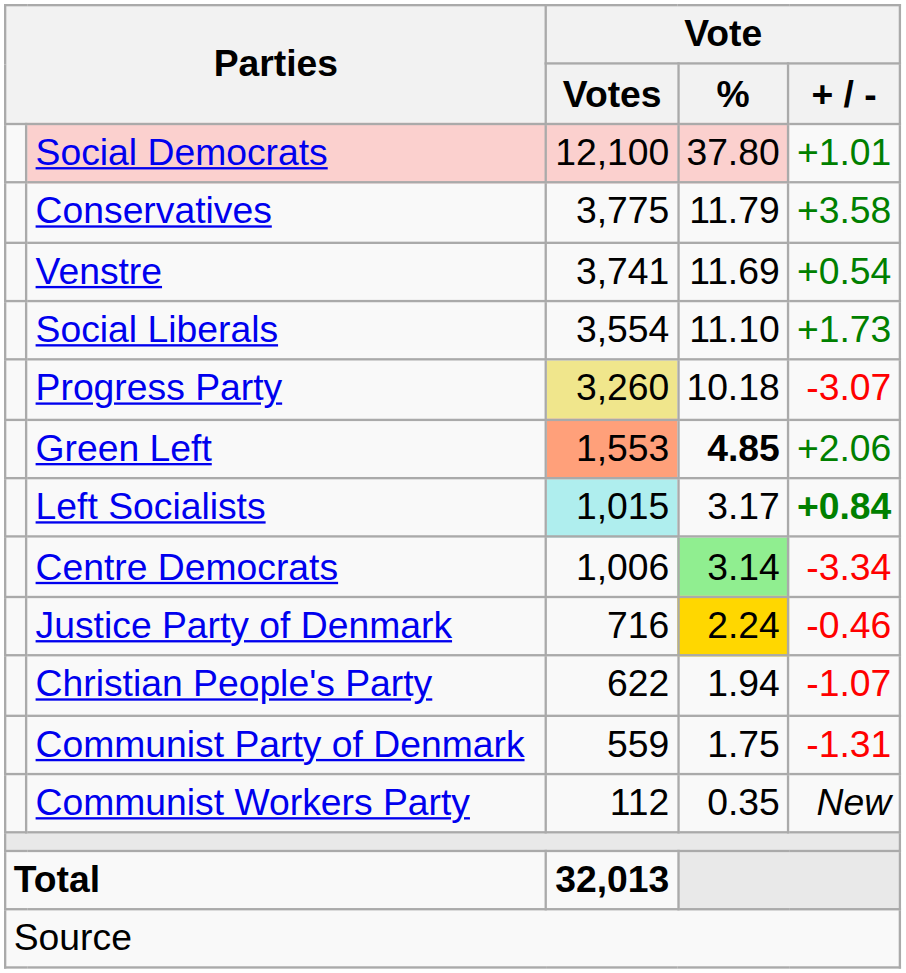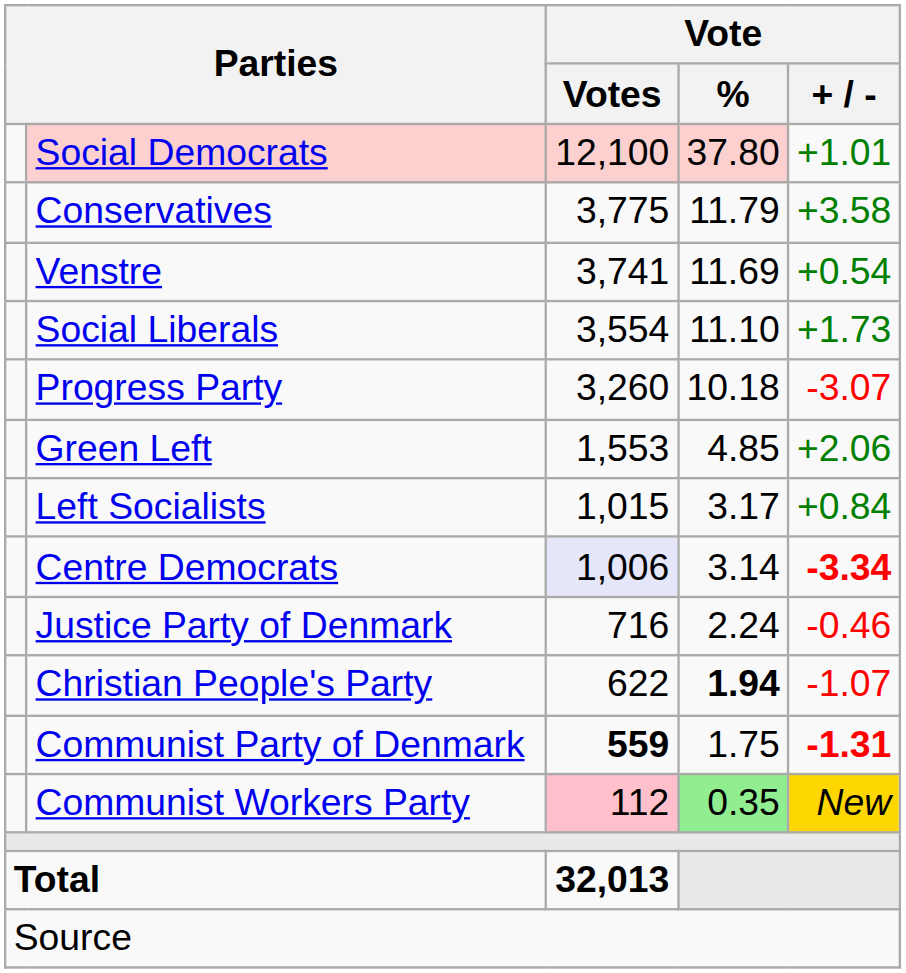 <table class="wikitable" style="text-align:right;">
 <tr>
 <th style="text-align:centre;" rowspan="2" colspan="2" width="225">Parties</th>
 <th colspan="3">Vote</th>
 </tr>
 <tr>
 <th width="15">Votes</th>
 <th width="15">%</th>
 <th width="15">+ / -</th>
 </tr>
 <tr>
 <td width="2" style="color:inherit;background:"></td>
 <td bgcolor=#fbd0ce  align="left"><a href='#'>Social Democrats</a></td>
 <td bgcolor=#fbd0ce>12,100</td>
 <td bgcolor=#fbd0ce>37.80</td>
 <td style=color:green;>+1.01</td>
 </tr>
 <tr>
 <td width="2" style="color:inherit;background:"></td>
 <td align="left"><a href='#'>Conservatives</a></td>
 <td>3,775</td>
 <td>11.79</td>
 <td style=color:green;>+3.58</td>
 </tr>
 <tr>
 <td width="2" style="color:inherit;background:"></td>
 <td align="left"><a href='#'>Venstre</a></td>
 <td>3,741</td>
 <td>11.69</td>
 <td style=color:green;>+0.54</td>
 </tr>
 <tr>
 <td width="2" style="color:inherit;background:"></td>
 <td align="left"><a href='#'>Social Liberals</a></td>
 <td>3,554</td>
 <td>11.10</td>
 <td style=color:green;>+1.73</td>
 </tr>
 <tr>
 <td width="2" style="color:inherit;background:"></td>
 <td align="left"><a href='#'>Progress Party</a></td>
-<td style="background: khaki;">3,260</td>
+<td>3,260</td>
 <td>10.18</td>
 <td style=color:red;>-3.07</td>
 </tr>
 <tr>
 <td width="2" style="color:inherit;background:"></td>
 <td align="left"><a href='#'>Green Left</a></td>
-<td style="background: lightsalmon;">1,553</td>
-<td><strong>4.85</strong></td>
+<td>1,553</td>
+<td>4.85</td>
 <td style=color:green;>+2.06</td>
 </tr>
 <tr>
 <td width="2" style="color:inherit;background:"></td>
 <td align="left"><a href='#'>Left Socialists</a></td>
-<td style="background: paleturquoise;">1,015</td>
+<td>1,015</td>
 <td>3.17</td>
-<td style=color:green;><strong>+0.84</strong></td>
+<td style=color:green;>+0.84</td>
 </tr>
 <tr>
 <td width="2" style="color:inherit;background:"></td>
 <td align="left"><a href='#'>Centre Democrats</a></td>
-<td>1,006</td>
-<td style="background: lightgreen;">3.14</td>
-<td style=color:red;>-3.34</td>
+<td style="background: lavender;">1,006</td>
+<td>3.14</td>
+<td style=color:red;><strong>-3.34</strong></td>
 </tr>
 <tr>
 <td width="2" style="color:inherit;background:"></td>
 <td align="left"><a href='#'>Justice Party of Denmark</a></td>
 <td>716</td>
-<td style="background: gold;">2.24</td>
+<td>2.24</td>
 <td style=color:red;>-0.46</td>
 </tr>
 <tr>
 <td width="2" style="color:inherit;background:"></td>
 <td align="left"><a href='#'>Christian People's Party</a></td>
 <td>622</td>
-<td>1.94</td>
+<td><strong>1.94</strong></td>
 <td style=color:red;>-1.07</td>
 </tr>
 <tr>
 <td width="2" style="color:inherit;background:"></td>
 <td align="left"><a href='#'>Communist Party of Denmark</a></td>
-<td>559</td>
+<td><strong>559</strong></td>
 <td>1.75</td>
-<td style=color:red;>-1.31</td>
+<td style=color:red;><strong>-1.31</strong></td>
 </tr>
 <tr>
 <td width="2" style="color:inherit;background:"></td>
 <td align="left"><a href='#'>Communist Workers Party</a></td>
-<td>112</td>
-<td>0.35</td>
-<td><em>New</em></td>
+<td style="background: pink;">112</td>
+<td style="background: lightgreen;">0.35</td>
+<td style="background: gold;"><em>New</em></td>
 </tr>
 <tr>
 <td colspan="7" bgcolor="#E9E9E9"></td>
 </tr>
 <tr>
 <td align="left" colspan="2"><strong>Total</strong></td>
 <td><strong>32,013</strong></td>
 <td bgcolor="#E9E9E9" colspan="2"></td>
 </tr>
 <tr>
 <td align="left" colspan="6">Source</td>
 </tr>
 </table>
